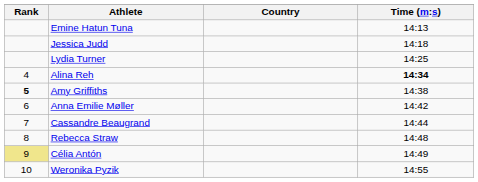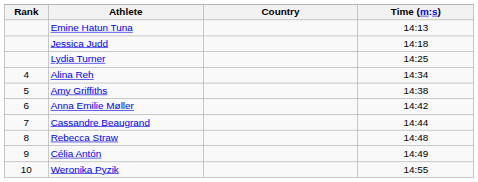 <table class="wikitable" style="text-align:center;" width="60%">
 <tr>
 </tr>
 <tr>
 <th width=5%>Rank</th>
 <th width=20%>Athlete</th>
 <th width=20%>Country</th>
 <th width=15%>Time (<a href='#'>m</a>:<a href='#'>s</a>)</th>
 </tr>
 <tr>
 <td></td>
 <td align="left"><a href='#'>Emine Hatun Tuna</a></td>
 <td align="left"></td>
 <td>14:13</td>
 </tr>
 <tr>
 <td></td>
 <td align="left"><a href='#'>Jessica Judd</a></td>
 <td align="left"></td>
 <td>14:18</td>
 </tr>
 <tr>
 <td></td>
 <td align="left"><a href='#'>Lydia Turner</a></td>
 <td align="left"></td>
 <td>14:25</td>
 </tr>
 <tr>
 <td>4</td>
 <td align="left"><a href='#'>Alina Reh</a></td>
 <td align="left"></td>
-<td><strong>14:34</strong></td>
+<td>14:34</td>
 </tr>
 <tr>
-<td><strong>5</strong></td>
+<td>5</td>
 <td align="left"><a href='#'>Amy Griffiths</a></td>
 <td align="left"></td>
 <td>14:38</td>
 </tr>
 <tr>
 <td>6</td>
 <td align="left"><a href='#'>Anna Emilie Møller</a></td>
 <td align="left"></td>
 <td>14:42</td>
 </tr>
 <tr>
 <td>7</td>
 <td align="left"><a href='#'>Cassandre Beaugrand</a></td>
 <td align="left"></td>
 <td>14:44</td>
 </tr>
 <tr>
 <td>8</td>
 <td align="left"><a href='#'>Rebecca Straw</a></td>
 <td align="left"></td>
 <td>14:48</td>
 </tr>
 <tr>
-<td style="background: khaki;">9</td>
+<td>9</td>
 <td align="left"><a href='#'>Célia Antón</a></td>
 <td align="left"></td>
 <td>14:49</td>
 </tr>
 <tr>
 <td>10</td>
 <td align="left"><a href='#'>Weronika Pyzik</a></td>
 <td align="left"></td>
 <td>14:55</td>
 </tr>
 </table>
